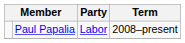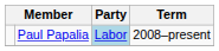 <table class="wikitable">
 <tr>
 <th colspan="2">Member</th>
 <th>Party</th>
 <th>Term</th>
 </tr>
 <tr>
 <td> </td>
 <td><a href='#'>Paul Papalia</a></td>
-<td><a href='#'>Labor</a></td>
+<td style="background: lightblue;"><a href='#'>Labor</a></td>
 <td>2008–present</td>
 </tr>
 <tr>
 </tr>
 </table>
